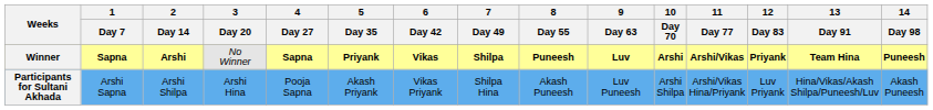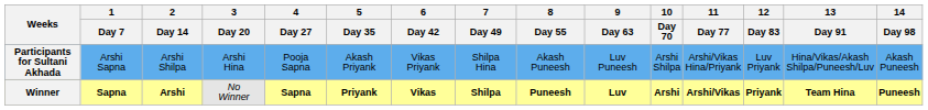 <table class="wikitable" style="text-align:center; width:100%; font-size:85%; font-family: sans-serif; line-height:14px;">
 <tr>
 <th rowspan="2" style="width: 10%;">Weeks</th>
 <th style="width: 10%;">1</th>
 <th style="width: 10%;">2</th>
 <th style="width: 10%;">3</th>
 <th style="width: 10%;">4</th>
 <th style="width: 10%;">5</th>
 <th style="width: 10%;">6</th>
 <th style="width: 10%;">7</th>
 <th style="width: 10%;">8</th>
 <th style="width: 10%;">9</th>
 <th style="width: 10%;">10</th>
 <th style="width: 10%;">11</th>
 <th style="width: 10%;">12</th>
 <th style="width: 10%;">13</th>
 <th style="width: 10%;">14</th>
 </tr>
 <tr>
 <th style="width: 10%;">Day 7</th>
 <th style="width: 10%;">Day 14</th>
 <th style="width: 10%;">Day 20</th>
 <th style="width: 10%;">Day 27</th>
 <th style="width: 10%;">Day 35</th>
 <th style="width: 10%;">Day 42</th>
 <th style="width: 10%;">Day 49</th>
 <th style="width: 10%;">Day 55</th>
 <th style="width: 10%;">Day 63</th>
 <th style="width: 10%;">Day 70</th>
 <th style="width: 10%;">Day 77</th>
 <th style="width: 10%;">Day 83</th>
 <th style="width: 10%;">Day 91</th>
 <th style="width: 10%;">Day 98</th>
 </tr>
+<tr style="background:#5DADEC;" |>
+<th>Participants for Sultani Akhada</th>
+<td>Arshi<br>Sapna</td>
+<td>Arshi<br>Shilpa</td>
+<td>Arshi<br>Hina</td>
+<td>Pooja<br>Sapna</td>
+<td>Akash<br>Priyank</td>
+<td>Vikas<br>Priyank</td>
+<td>Shilpa<br>Hina</td>
+<td>Akash<br>Puneesh</td>
+<td>Luv<br>Puneesh</td>
+<td>Arshi<br>Shilpa</td>
+<td>Arshi/Vikas<br>Hina/Priyank</td>
+<td>Luv<br>Priyank</td>
+<td>Hina/Vikas/Akash<br>Shilpa/Puneesh/Luv</td>
+<td>Akash<br>Puneesh</td>
+</tr>
 <tr style="background:#FFFF99;" |>
 <th>Winner</th>
 <td><strong>Sapna</strong></td>
 <td><strong>Arshi</strong></td>
 <td style="background:#E5E5E5;"><em>No<br>Winner</em></td>
 <td><strong>Sapna</strong></td>
 <td><strong>Priyank</strong></td>
 <td><strong>Vikas</strong></td>
 <td><strong>Shilpa</strong></td>
 <td><strong>Puneesh</strong></td>
 <td><strong>Luv</strong></td>
 <td><strong>Arshi</strong></td>
 <td><strong>Arshi/Vikas</strong></td>
 <td><strong>Priyank</strong></td>
 <td><strong>Team Hina</strong></td>
 <td><strong>Puneesh</strong></td>
 </tr>
-<tr style="background:#5DADEC;" |>
-<th>Participants for Sultani Akhada</th>
-<td>Arshi<br>Sapna</td>
-<td>Arshi<br>Shilpa</td>
-<td>Arshi<br>Hina</td>
-<td>Pooja<br>Sapna</td>
-<td>Akash<br>Priyank</td>
-<td>Vikas<br>Priyank</td>
-<td>Shilpa<br>Hina</td>
-<td>Akash<br>Puneesh</td>
-<td>Luv<br>Puneesh</td>
-<td>Arshi<br>Shilpa</td>
-<td>Arshi/Vikas<br>Hina/Priyank</td>
-<td>Luv<br>Priyank</td>
-<td>Hina/Vikas/Akash<br>Shilpa/Puneesh/Luv</td>
-<td>Akash<br>Puneesh</td>
-</tr>
 </table>
